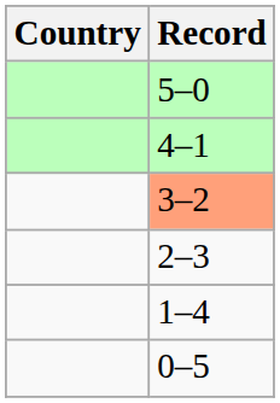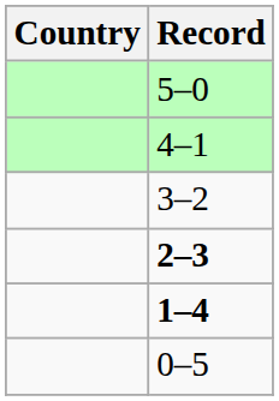 <table class="wikitable">
 <tr>
 <th>Country</th>
 <th>Record</th>
 </tr>
 <tr bgcolor=#bbffbb>
 <td><strong></strong></td>
 <td>5–0</td>
 </tr>
 <tr bgcolor=#bbffbb>
 <td><strong></strong></td>
 <td>4–1</td>
 </tr>
 <tr>
 <td><strong></strong></td>
-<td style="background: lightsalmon;">3–2</td>
+<td>3–2</td>
 </tr>
 <tr>
 <td><strong></strong></td>
-<td>2–3</td>
+<td><strong>2–3</strong></td>
 </tr>
 <tr>
 <td><strong></strong></td>
-<td>1–4</td>
+<td><strong>1–4</strong></td>
 </tr>
 <tr>
 <td><strong></strong></td>
 <td>0–5</td>
 </tr>
 </table>
